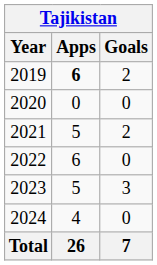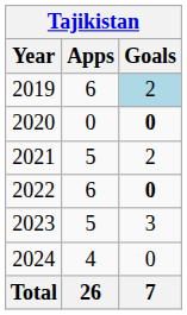 <table class="wikitable" style="text-align:center">
 <tr>
 <th colspan=3><a href='#'>Tajikistan</a></th>
 </tr>
 <tr>
 <th>Year</th>
 <th>Apps</th>
 <th>Goals</th>
 </tr>
 <tr>
 <td>2019</td>
-<td><strong>6</strong></td>
-<td>2</td>
+<td>6</td>
+<td style="background: lightblue;">2</td>
 </tr>
 <tr>
 <td>2020</td>
 <td>0</td>
-<td>0</td>
+<td><strong>0</strong></td>
 </tr>
 <tr>
 <td>2021</td>
 <td>5</td>
 <td>2</td>
 </tr>
 <tr>
 <td>2022</td>
 <td>6</td>
-<td>0</td>
+<td><strong>0</strong></td>
 </tr>
 <tr>
 <td>2023</td>
 <td>5</td>
 <td>3</td>
 </tr>
 <tr>
 <td>2024</td>
 <td>4</td>
 <td>0</td>
 </tr>
 <tr>
 <th>Total</th>
 <th>26</th>
 <th>7</th>
 </tr>
 </table>
